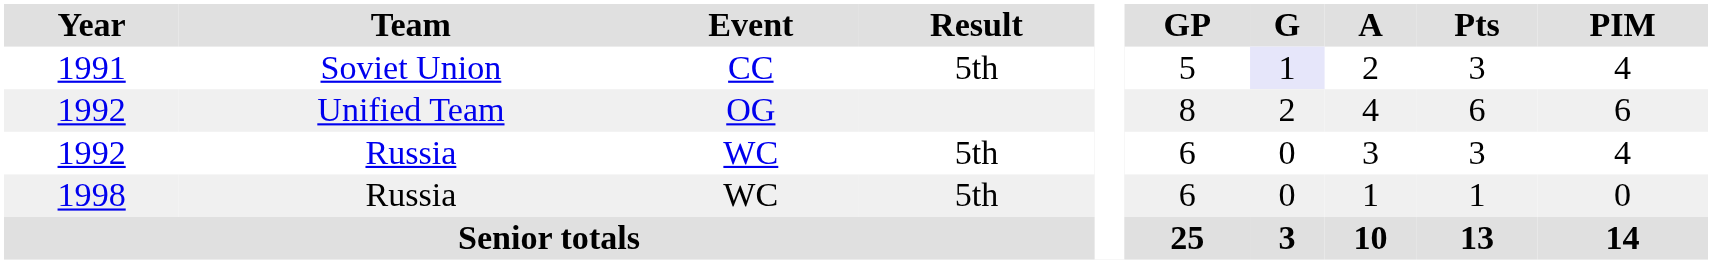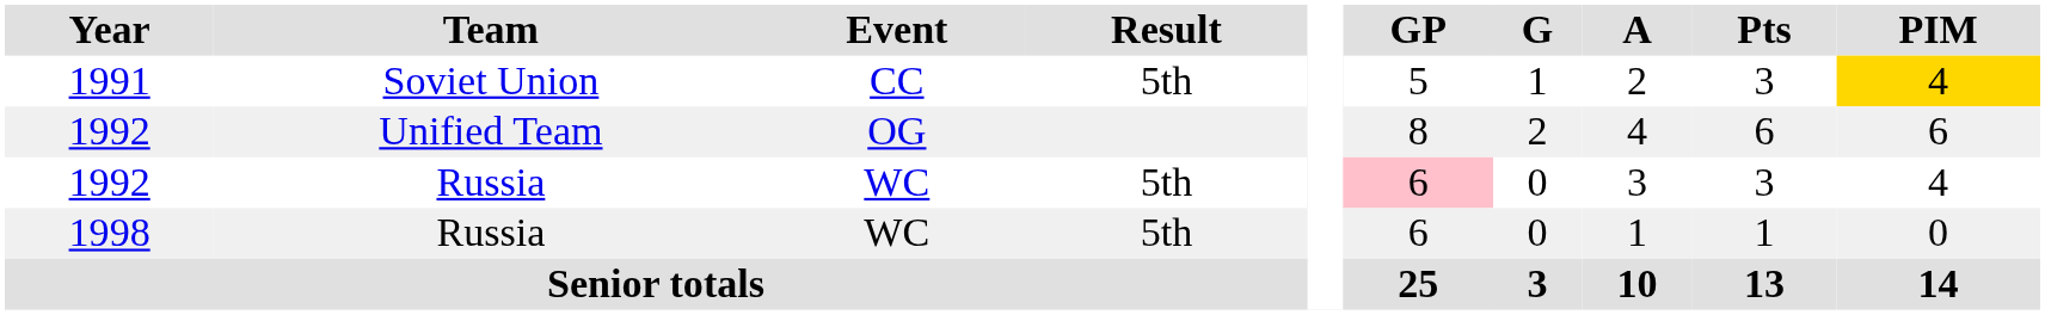 <table border="0" cellpadding="1" cellspacing="0" style="text-align:center; width:50em">
 <tr ALIGN="center" bgcolor="#e0e0e0">
 <th>Year</th>
 <th>Team</th>
 <th>Event</th>
 <th>Result</th>
 <th ALIGN="center" rowspan="99" bgcolor="#ffffff"> </th>
 <th>GP</th>
 <th>G</th>
 <th>A</th>
 <th>Pts</th>
 <th>PIM</th>
 </tr>
 <tr>
 <td><a href='#'>1991</a></td>
 <td><a href='#'>Soviet Union</a></td>
 <td><a href='#'>CC</a></td>
 <td>5th</td>
 <td>5</td>
-<td style="background: lavender;">1</td>
+<td>1</td>
 <td>2</td>
 <td>3</td>
-<td>4</td>
+<td style="background: gold;">4</td>
 </tr>
 <tr bgcolor="#f0f0f0">
 <td><a href='#'>1992</a></td>
 <td><a href='#'>Unified Team</a></td>
 <td><a href='#'>OG</a></td>
 <td></td>
 <td>8</td>
 <td>2</td>
 <td>4</td>
 <td>6</td>
 <td>6</td>
 </tr>
 <tr>
 <td><a href='#'>1992</a></td>
 <td><a href='#'>Russia</a></td>
 <td><a href='#'>WC</a></td>
 <td>5th</td>
-<td>6</td>
+<td style="background: pink;">6</td>
 <td>0</td>
 <td>3</td>
 <td>3</td>
 <td>4</td>
 </tr>
 <tr bgcolor="#f0f0f0">
 <td><a href='#'>1998</a></td>
 <td>Russia</td>
 <td>WC</td>
 <td>5th</td>
 <td>6</td>
 <td>0</td>
 <td>1</td>
 <td>1</td>
 <td>0</td>
 </tr>
 <tr bgcolor="#e0e0e0">
 <th colspan=4>Senior totals</th>
 <th>25</th>
 <th>3</th>
 <th>10</th>
 <th>13</th>
 <th>14</th>
 </tr>
 </table>
